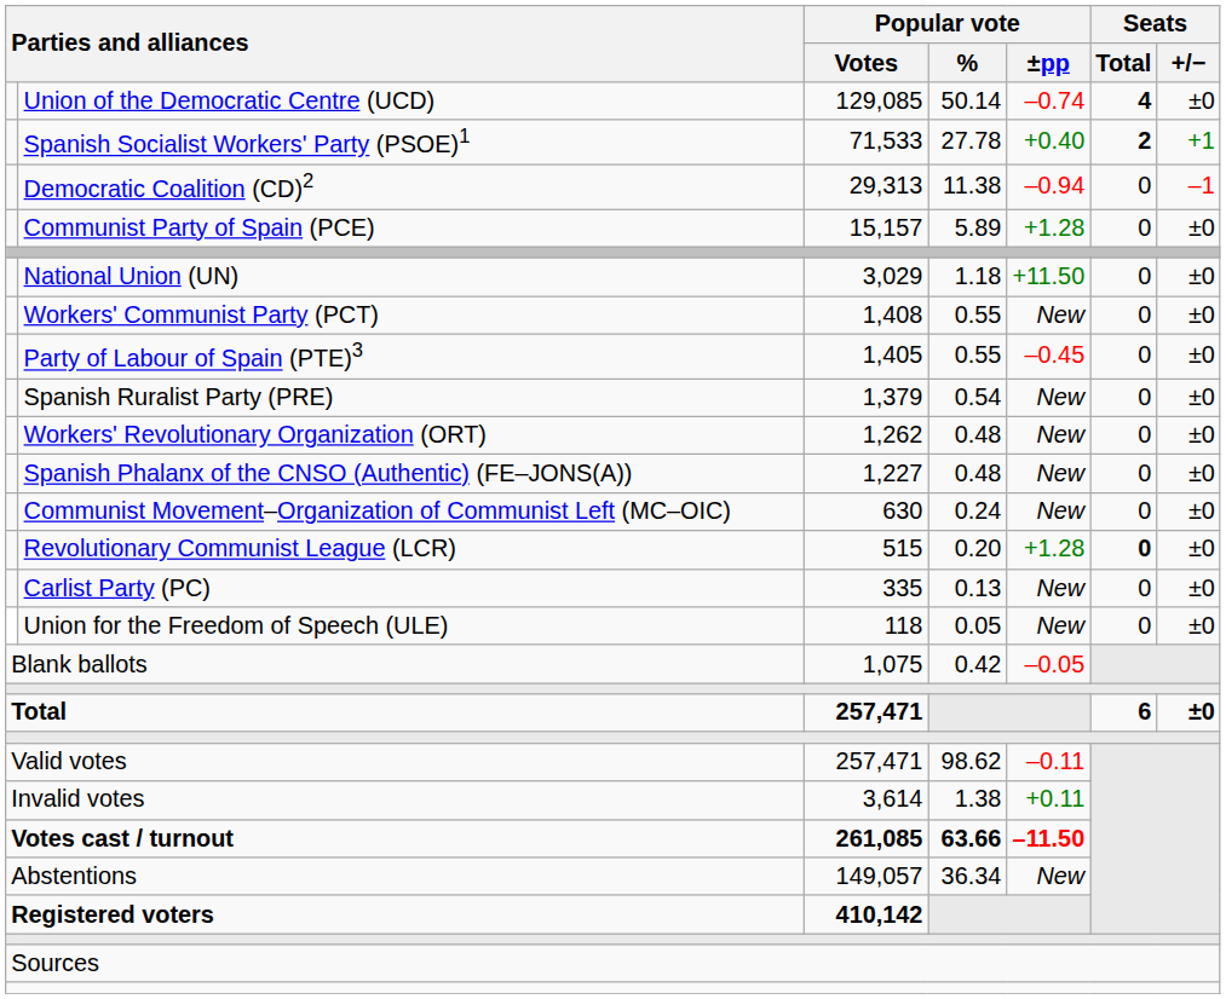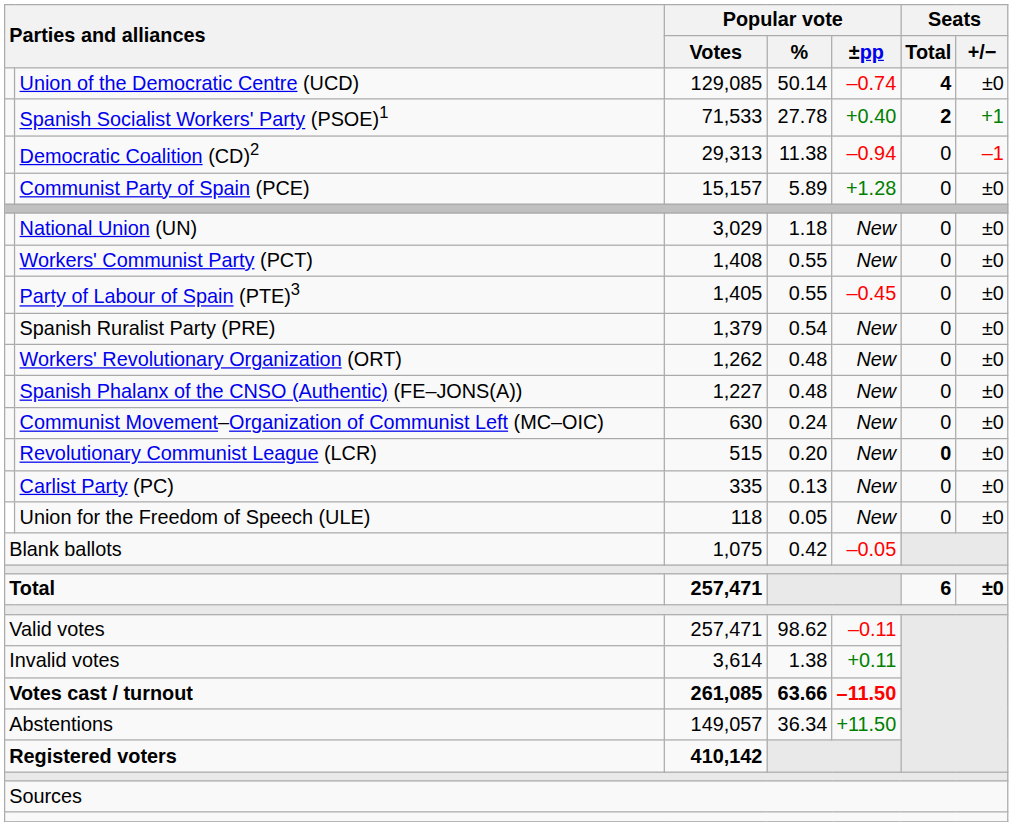 <table class="wikitable" style="text-align:right;">
 <tr>
 <th style="text-align:left;" rowspan="2" colspan="2" width="525">Parties and alliances</th>
 <th colspan="3">Popular vote</th>
 <th colspan="2">Seats</th>
 </tr>
 <tr>
 <th width="75">Votes</th>
 <th width="45">%</th>
 <th width="45">±<a href='#'>pp</a></th>
 <th width="35">Total</th>
 <th width="35">+/−</th>
 </tr>
 <tr>
 <td width="1" style="color:inherit;background:"></td>
 <td align="left"><a href='#'>Union of the Democratic Centre</a> (UCD)</td>
 <td>129,085</td>
 <td>50.14</td>
 <td style="color:red;">–0.74</td>
 <td><strong>4</strong></td>
 <td>±0</td>
 </tr>
 <tr>
 <td style="color:inherit;background:"></td>
 <td align="left"><a href='#'>Spanish Socialist Workers' Party</a> (PSOE)<sup>1</sup></td>
 <td>71,533</td>
 <td>27.78</td>
 <td style="color:green;">+0.40</td>
 <td><strong>2</strong></td>
 <td style="color:green;">+1</td>
 </tr>
 <tr>
 <td style="color:inherit;background:"></td>
 <td align="left"><a href='#'>Democratic Coalition</a> (CD)<sup>2</sup></td>
 <td>29,313</td>
 <td>11.38</td>
 <td style="color:red;">–0.94</td>
 <td>0</td>
 <td style="color:red;">–1</td>
 </tr>
 <tr>
 <td style="color:inherit;background:"></td>
 <td align="left"><a href='#'>Communist Party of Spain</a> (PCE)</td>
 <td>15,157</td>
 <td>5.89</td>
 <td style="color:green;">+1.28</td>
 <td>0</td>
 <td>±0</td>
 </tr>
 <tr>
 <td colspan="7" bgcolor="#C0C0C0"></td>
 </tr>
 <tr>
 <td style="color:inherit;background:"></td>
 <td align="left"><a href='#'>National Union</a> (UN)</td>
 <td>3,029</td>
 <td>1.18</td>
-<td style="color:green;">+11.50</td>
+<td><em>New</em></td>
 <td>0</td>
 <td>±0</td>
 </tr>
 <tr>
 <td style="color:inherit;background:"></td>
 <td align="left"><a href='#'>Workers' Communist Party</a> (PCT)</td>
 <td>1,408</td>
 <td>0.55</td>
 <td><em>New</em></td>
 <td>0</td>
 <td>±0</td>
 </tr>
 <tr>
 <td style="color:inherit;background:"></td>
 <td align="left"><a href='#'>Party of Labour of Spain</a> (PTE)<sup>3</sup></td>
 <td>1,405</td>
 <td>0.55</td>
 <td style="color:red;">–0.45</td>
 <td>0</td>
 <td>±0</td>
 </tr>
 <tr>
 <td style="color:inherit;background:"></td>
 <td align="left">Spanish Ruralist Party (PRE)</td>
 <td>1,379</td>
 <td>0.54</td>
 <td><em>New</em></td>
 <td>0</td>
 <td>±0</td>
 </tr>
 <tr>
 <td style="color:inherit;background:"></td>
 <td align="left"><a href='#'>Workers' Revolutionary Organization</a> (ORT)</td>
 <td>1,262</td>
 <td>0.48</td>
 <td><em>New</em></td>
 <td>0</td>
 <td>±0</td>
 </tr>
 <tr>
 <td style="color:inherit;background:"></td>
 <td align="left"><a href='#'>Spanish Phalanx of the CNSO (Authentic)</a> (FE–JONS(A))</td>
 <td>1,227</td>
 <td>0.48</td>
 <td><em>New</em></td>
 <td>0</td>
 <td>±0</td>
 </tr>
 <tr>
 <td style="color:inherit;background:"></td>
 <td align="left"><a href='#'>Communist Movement</a>–<a href='#'>Organization of Communist Left</a> (MC–OIC)</td>
 <td>630</td>
 <td>0.24</td>
 <td><em>New</em></td>
 <td>0</td>
 <td>±0</td>
 </tr>
 <tr>
 <td style="color:inherit;background:"></td>
 <td align="left"><a href='#'>Revolutionary Communist League</a> (LCR)</td>
 <td>515</td>
 <td>0.20</td>
-<td style="color:green;">+1.28</td>
+<td><em>New</em></td>
 <td><strong>0</strong></td>
 <td>±0</td>
 </tr>
 <tr>
 <td style="color:inherit;background:"></td>
 <td align="left"><a href='#'>Carlist Party</a> (PC)</td>
 <td>335</td>
 <td>0.13</td>
 <td><em>New</em></td>
 <td>0</td>
 <td>±0</td>
 </tr>
 <tr>
 <td bgcolor="white"></td>
 <td align="left">Union for the Freedom of Speech (ULE)</td>
 <td>118</td>
 <td>0.05</td>
 <td><em>New</em></td>
 <td>0</td>
 <td>±0</td>
 </tr>
 <tr>
 <td align="left" colspan="2">Blank ballots</td>
 <td>1,075</td>
 <td>0.42</td>
 <td style="color:red;">–0.05</td>
 <td bgcolor="#E9E9E9" colspan="2"></td>
 </tr>
 <tr>
 <td colspan="7" bgcolor="#E9E9E9"></td>
 </tr>
 <tr style="font-weight:bold;">
 <td align="left" colspan="2">Total</td>
 <td>257,471</td>
 <td bgcolor="#E9E9E9" colspan="2"></td>
 <td>6</td>
 <td>±0</td>
 </tr>
 <tr>
 <td colspan="7" bgcolor="#E9E9E9"></td>
 </tr>
 <tr>
 <td align="left" colspan="2">Valid votes</td>
 <td>257,471</td>
 <td>98.62</td>
 <td style="color:red;">–0.11</td>
 <td bgcolor="#E9E9E9" colspan="2" rowspan="5"></td>
 </tr>
 <tr>
 <td align="left" colspan="2">Invalid votes</td>
 <td>3,614</td>
 <td>1.38</td>
 <td style="color:green;">+0.11</td>
 </tr>
 <tr style="font-weight:bold;">
 <td align="left" colspan="2">Votes cast / turnout</td>
 <td>261,085</td>
 <td>63.66</td>
 <td style="color:red;">–11.50</td>
 </tr>
 <tr>
 <td align="left" colspan="2">Abstentions</td>
 <td>149,057</td>
 <td>36.34</td>
-<td><em>New</em></td>
+<td style="color:green;">+11.50</td>
 </tr>
 <tr style="font-weight:bold;">
 <td align="left" colspan="2">Registered voters</td>
 <td>410,142</td>
 <td bgcolor="#E9E9E9" colspan="2"></td>
 </tr>
 <tr>
 <td colspan="7" bgcolor="#E9E9E9"></td>
 </tr>
 <tr>
 <td align="left" colspan="7">Sources</td>
 </tr>
 <tr>
 <td colspan="7" style="text-align:left; max-width:790px;"></td>
 </tr>
 </table>
